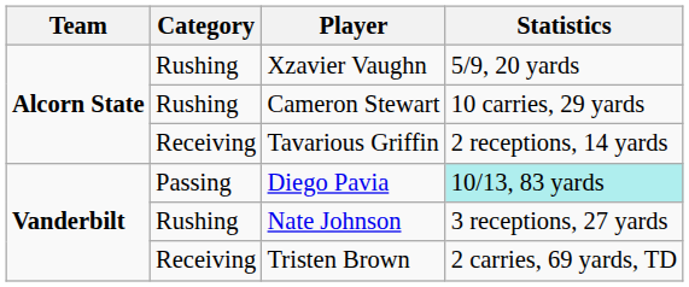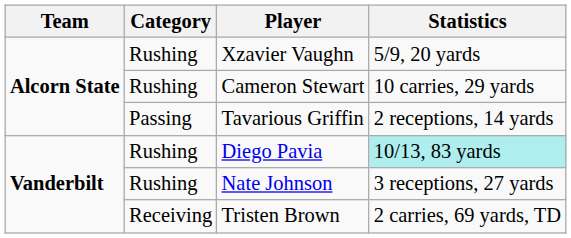 <table class="wikitable" style="float: right;">
 <tr>
 <th>Team</th>
 <th>Category</th>
 <th>Player</th>
 <th>Statistics</th>
 </tr>
 <tr>
 <td rowspan=3><strong>Alcorn State</strong></td>
 <td>Rushing</td>
 <td>Xzavier Vaughn</td>
 <td>5/9, 20 yards</td>
 </tr>
 <tr>
 <td>Rushing</td>
 <td>Cameron Stewart</td>
 <td>10 carries, 29 yards</td>
 </tr>
 <tr>
-<td>Receiving</td>
+<td>Passing</td>
 <td>Tavarious Griffin</td>
 <td>2 receptions, 14 yards</td>
 </tr>
 <tr>
 <td rowspan=3><strong>Vanderbilt</strong></td>
-<td>Passing</td>
+<td>Rushing</td>
 <td><a href='#'>Diego Pavia</a></td>
 <td style="background: paleturquoise;">10/13, 83 yards</td>
 </tr>
 <tr>
 <td>Rushing</td>
 <td><a href='#'>Nate Johnson</a></td>
 <td>3 receptions, 27 yards</td>
 </tr>
 <tr>
 <td>Receiving</td>
 <td>Tristen Brown</td>
 <td>2 carries, 69 yards, TD</td>
 </tr>
 </table>
